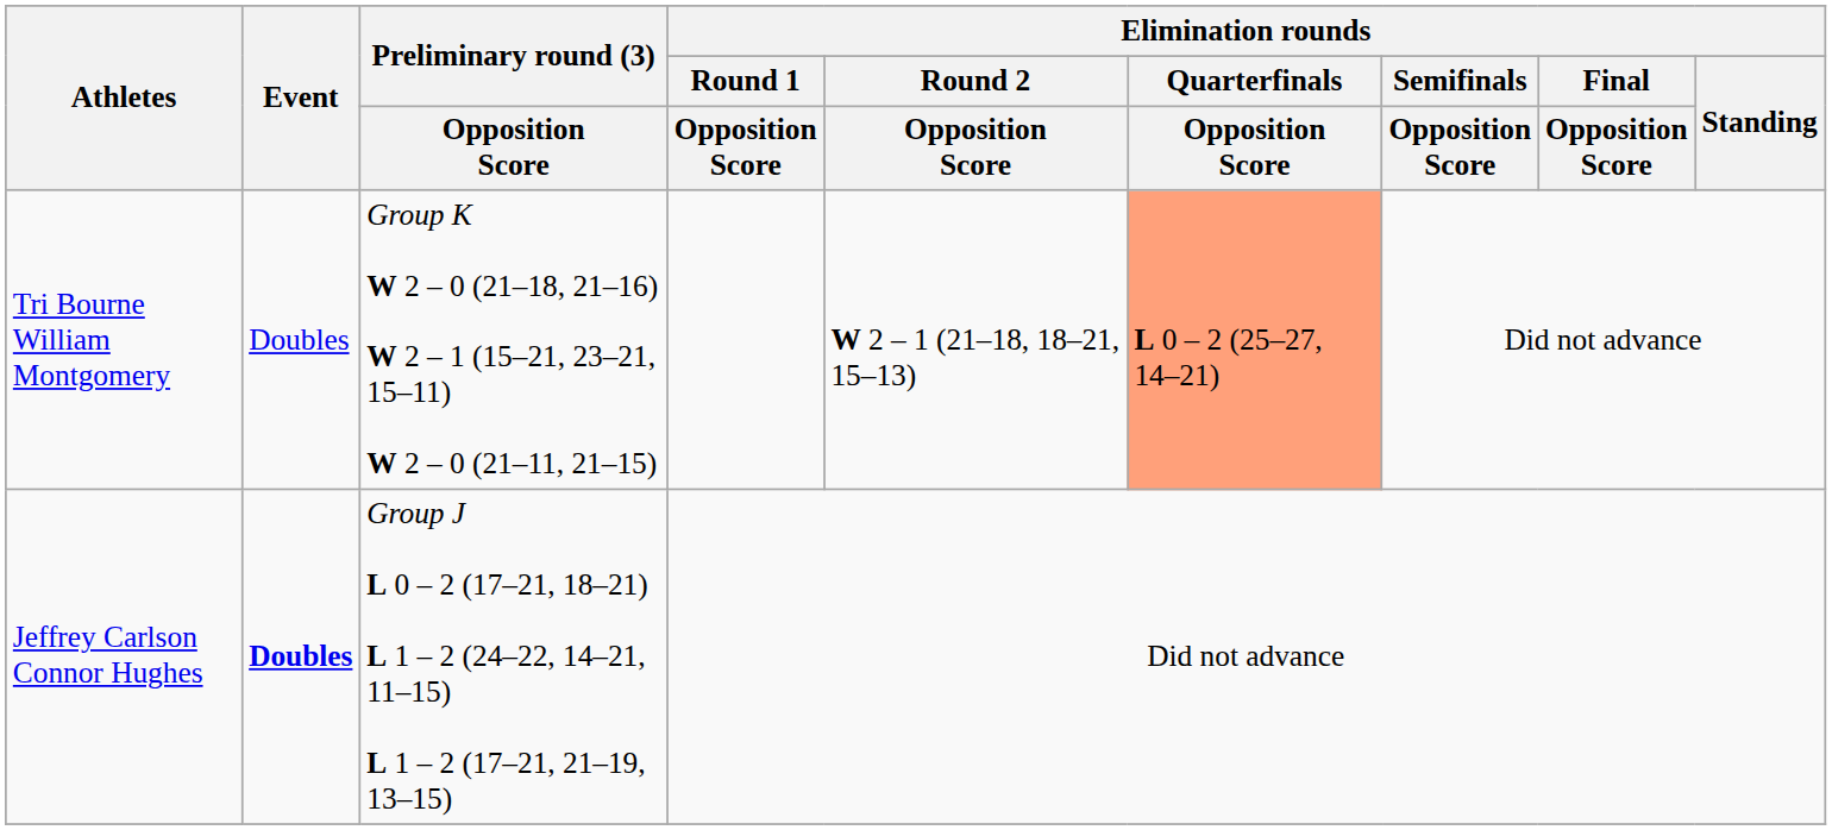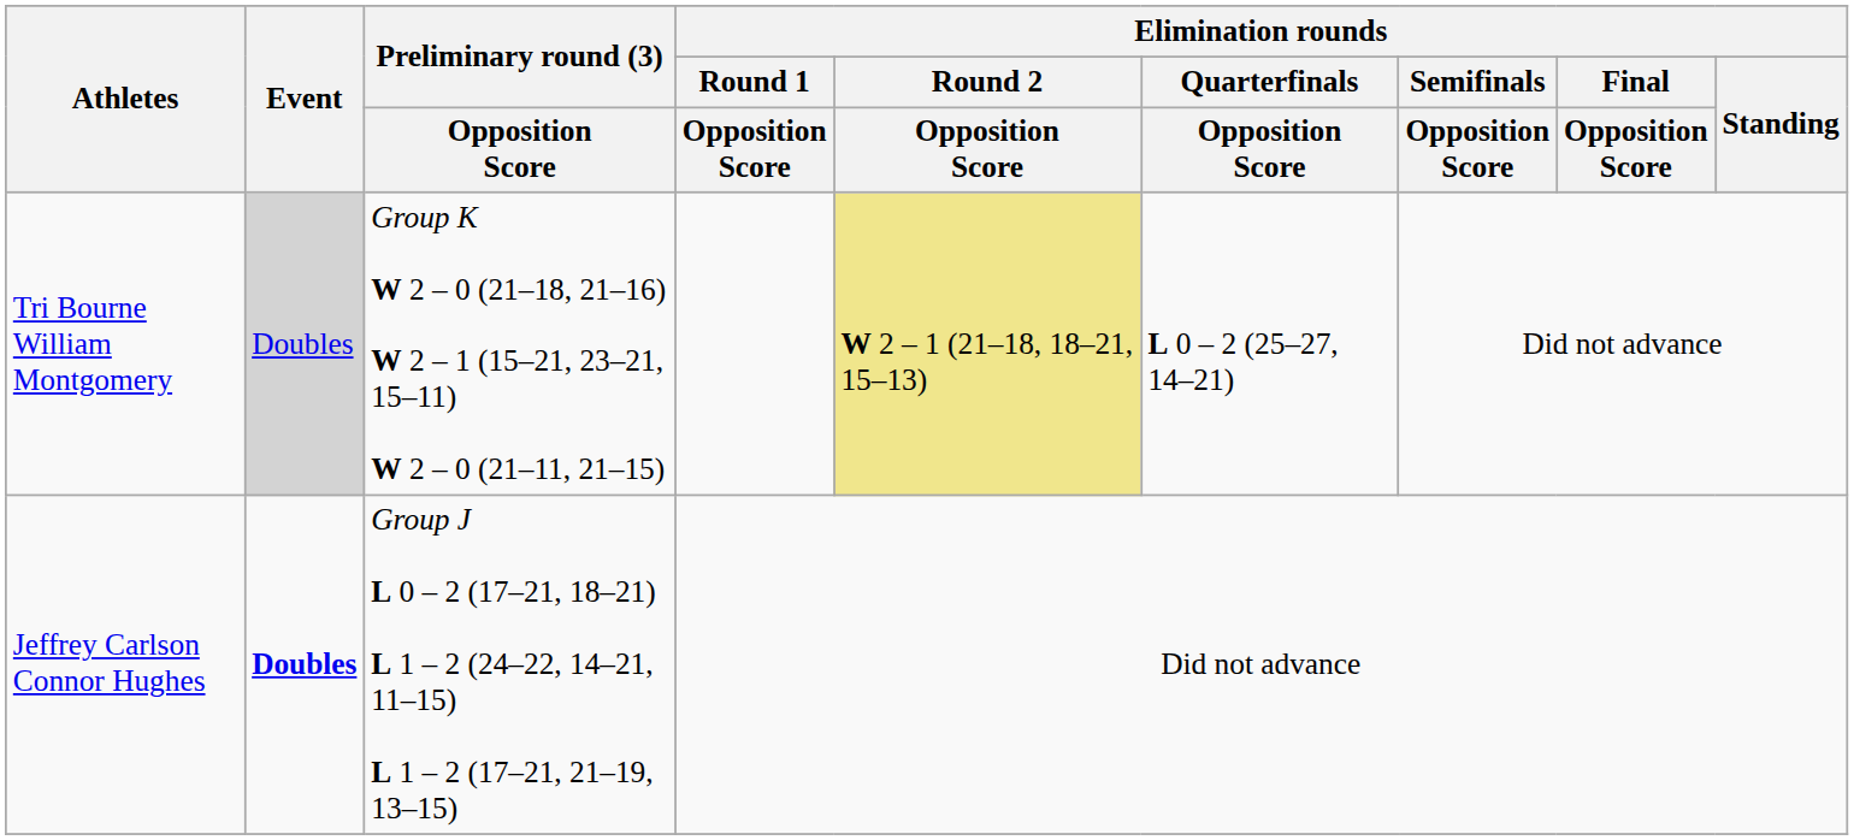 <table class="wikitable" border="1" style="font-size:90%">
 <tr>
 <th rowspan=3>Athletes</th>
 <th rowspan=3>Event</th>
 <th rowspan=2>Preliminary round (3)</th>
 <th colspan=6>Elimination rounds</th>
 </tr>
 <tr>
 <th>Round 1</th>
 <th>Round 2</th>
 <th>Quarterfinals</th>
 <th>Semifinals</th>
 <th>Final</th>
 <th rowspan=2>Standing</th>
 </tr>
 <tr>
 <th>Opposition <br> Score</th>
 <th>Opposition <br> Score</th>
 <th>Opposition <br> Score</th>
 <th>Opposition <br> Score</th>
 <th>Opposition <br> Score</th>
 <th>Opposition <br> Score</th>
 </tr>
 <tr>
 <td><a href='#'>Tri Bourne</a> <br> <a href='#'>William Montgomery</a></td>
-<td><a href='#'>Doubles</a></td>
+<td style="background: lightgrey;"><a href='#'>Doubles</a></td>
 <td><em>Group K</em><br><br><strong>W</strong> 2 – 0 (21–18, 21–16)<br><br><strong>W</strong> 2 – 1 (15–21, 23–21, 15–11)<br><br><strong>W</strong> 2 – 0 (21–11, 21–15)</td>
 <td></td>
-<td><br><strong>W</strong> 2 – 1 (21–18, 18–21, 15–13)</td>
-<td style="background: lightsalmon;"><br><strong>L</strong> 0 – 2 (25–27, 14–21)</td>
+<td style="background: khaki;"><br><strong>W</strong> 2 – 1 (21–18, 18–21, 15–13)</td>
+<td><br><strong>L</strong> 0 – 2 (25–27, 14–21)</td>
 <td colspan=3 align=center>Did not advance</td>
 </tr>
 <tr>
 <td><a href='#'>Jeffrey Carlson</a> <br> <a href='#'>Connor Hughes</a></td>
 <td><strong><a href='#'>Doubles</a></strong></td>
 <td><em>Group J</em><br><br><strong>L</strong> 0 – 2 (17–21, 18–21)<br><br><strong>L</strong> 1 – 2 (24–22, 14–21, 11–15)<br><br><strong>L</strong> 1 – 2 (17–21, 21–19, 13–15)</td>
 <td colspan=6 align=center>Did not advance</td>
 </tr>
 </table>
